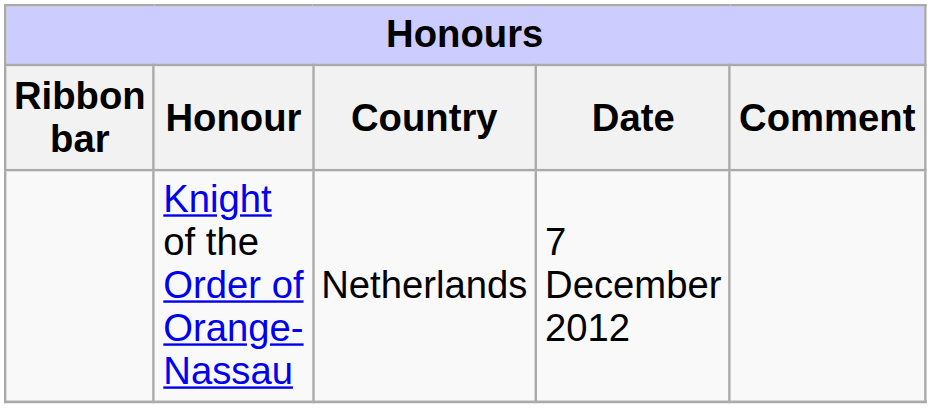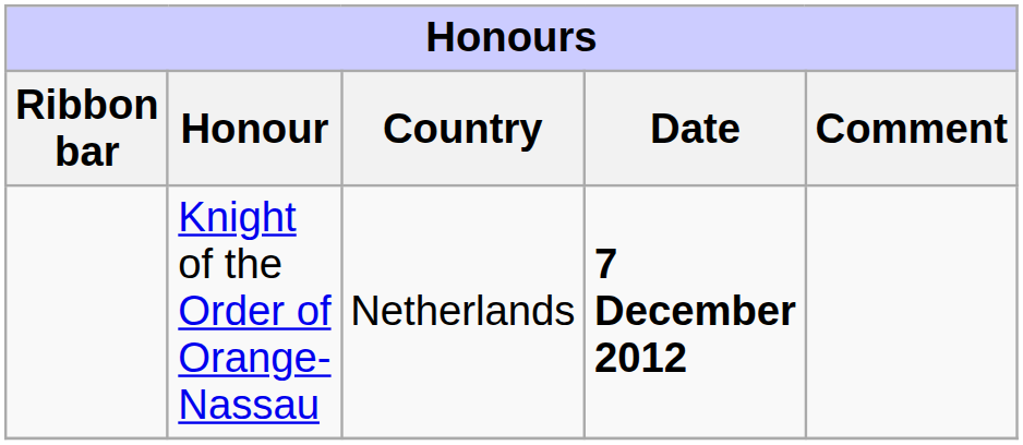 <table class="wikitable" style="width:60%;">
 <tr style="background:#ccf; text-align:center;">
 <td colspan=5><strong>Honours</strong></td>
 </tr>
 <tr>
 <th style="width:80px;">Ribbon bar</th>
 <th>Honour</th>
 <th>Country</th>
 <th>Date</th>
 <th>Comment</th>
 </tr>
 <tr>
 <td></td>
 <td><a href='#'>Knight</a> of the <a href='#'>Order of Orange-Nassau</a></td>
 <td>Netherlands</td>
-<td>7 December 2012</td>
+<td><strong>7 December 2012</strong></td>
 <td></td>
 </tr>
 <tr>
 </tr>
 </table>
